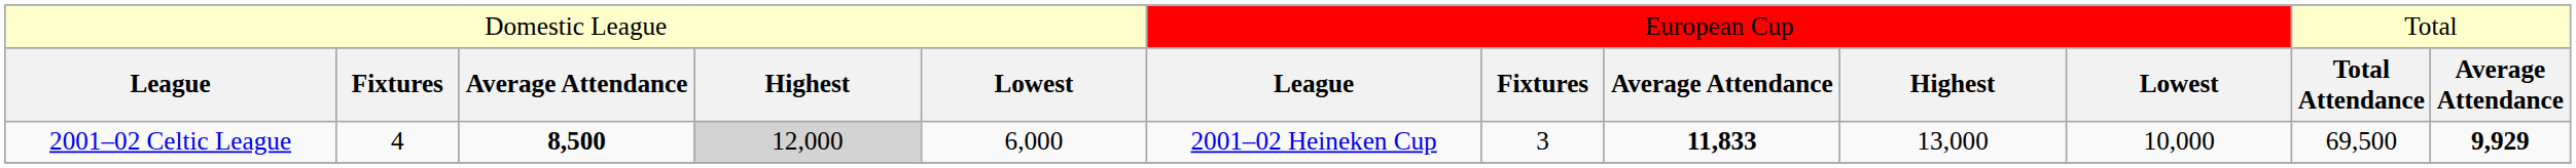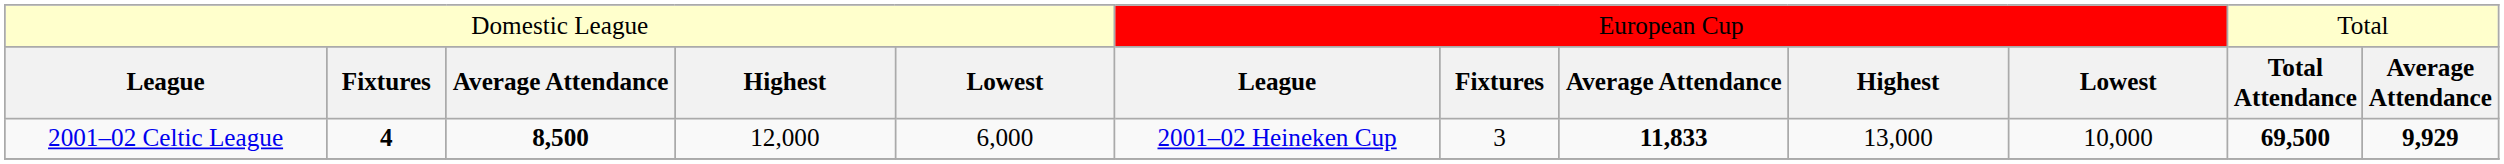 <table class="wikitable sortable" style="font-size:90%; width:90%;">
 <tr>
 <td colspan="5" class="wikitable sortable" style="width:45%; background:#ffffcc; text-align:center;"><span>Domestic League</span></td>
 <td colspan="5" class="wikitable sortable" style="width:45%; background:#f00; text-align:center;"><span>European Cup</span></td>
 <td colspan="2" class="wikitable sortable" style="width:45%; background:#ffffcc; text-align:center;"><span>Total</span></td>
 </tr>
 <tr>
 <th style="width:15%;">League</th>
 <th style="width:5%;">Fixtures</th>
 <th style="width:10%;">Average Attendance</th>
 <th style="width:10%;">Highest</th>
 <th style="width:10%;">Lowest</th>
 <th style="width:15%;">League</th>
 <th style="width:5%;">Fixtures</th>
 <th style="width:10%;">Average Attendance</th>
 <th style="width:10%;">Highest</th>
 <th style="width:10%;">Lowest</th>
 <th style="width:10%;">Total Attendance</th>
 <th style="width:10%;">Average Attendance</th>
 </tr>
 <tr>
 <td align=center><a href='#'>2001–02 Celtic League</a></td>
-<td align=center>4</td>
+<td align=center><strong>4</strong></td>
 <td align=center><strong>8,500</strong></td>
-<td align=center style="background: lightgrey;">12,000</td>
+<td align=center>12,000</td>
 <td align=center>6,000</td>
 <td align=center><a href='#'>2001–02 Heineken Cup</a></td>
 <td align=center>3</td>
 <td align=center><strong>11,833</strong></td>
 <td align=center>13,000</td>
 <td align=center>10,000</td>
-<td align=center>69,500</td>
+<td align=center><strong>69,500</strong></td>
 <td align=center><strong>9,929</strong></td>
 </tr>
 <tr>
 </tr>
 </table>
